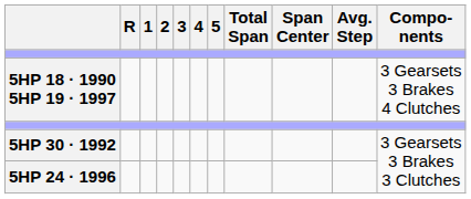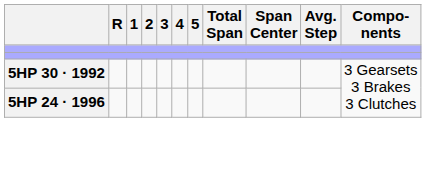 <table class="wikitable collapsible" style="text-align:center">
 <tr>
 <th></th>
 <th>R</th>
 <th>1</th>
 <th>2</th>
 <th>3</th>
 <th>4</th>
 <th>5</th>
 <th>Total<br>Span</th>
 <th>Span<br>Center</th>
 <th>Avg.<br>Step</th>
 <th>Compo-<br>nents</th>
 </tr>
 <tr>
 <td colspan="11" style="background:#AAF;"></td>
-</tr>
-<tr>
-<th>5HP 18 · 1990<br>5HP 19 · 1997</th>
-<td></td>
-<td></td>
-<td></td>
-<td></td>
-<td></td>
-<td></td>
-<td></td>
-<td></td>
-<td></td>
-<td>3 Gearsets<br>3 Brakes<br>4 Clutches</td>
 </tr>
 <tr>
 <td colspan="11" style="background:#AAF;"></td>
 </tr>
 <tr>
 <th>5HP 30 · 1992</th>
 <td></td>
 <td></td>
 <td></td>
 <td></td>
 <td></td>
 <td></td>
 <td></td>
 <td></td>
 <td></td>
 <td rowspan="2">3 Gearsets<br>3 Brakes<br>3 Clutches</td>
 </tr>
 <tr>
 <th>5HP 24 · 1996</th>
 <td></td>
 <td></td>
 <td></td>
 <td></td>
 <td></td>
 <td></td>
 <td></td>
 <td></td>
 <td></td>
 </tr>
 </table>
